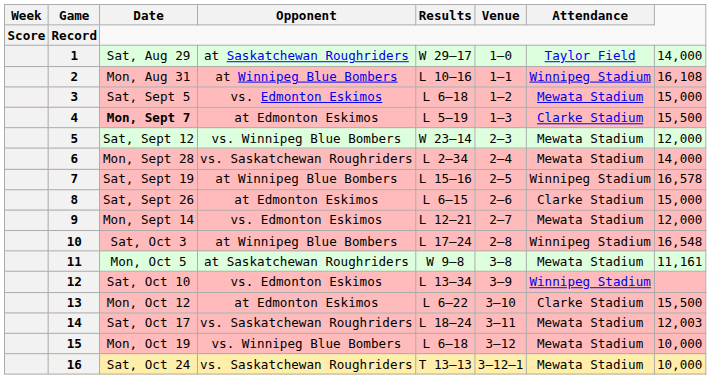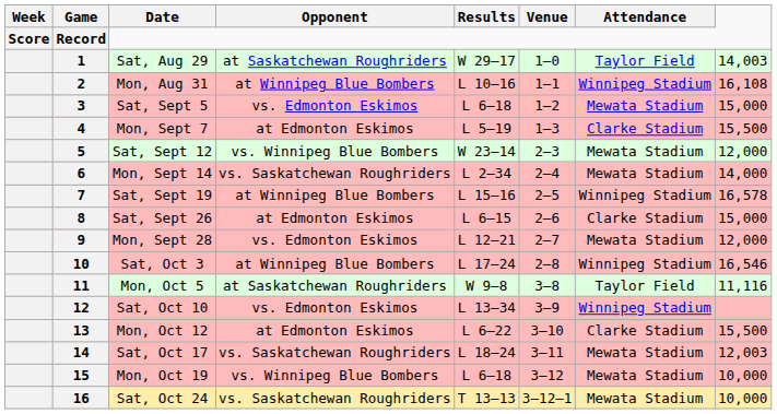 <table class="wikitable" style="text-align:center">
 <tr>
 <th>Week</th>
 <th>Game</th>
 <th>Date</th>
 <th>Opponent</th>
 <th>Results</th>
 <th>Venue</th>
 <th>Attendance</th>
 </tr>
 <tr>
 <th>Score</th>
 <th>Record</th>
 </tr>
 <tr style="background:#ddffdd">
 <th></th>
 <th>1</th>
 <td>Sat, Aug 29</td>
 <td>at <a href='#'>Saskatchewan Roughriders</a></td>
 <td>W 29–17</td>
 <td>1–0</td>
 <td><a href='#'>Taylor Field</a></td>
-<td>14,000</td>
+<td>14,003</td>
 </tr>
 <tr style="background:#ffbbbb">
 <th></th>
 <th>2</th>
 <td>Mon, Aug 31</td>
 <td>at <a href='#'>Winnipeg Blue Bombers</a></td>
 <td>L 10–16</td>
 <td>1–1</td>
 <td><a href='#'>Winnipeg Stadium</a></td>
 <td>16,108</td>
 </tr>
 <tr style="background:#ffbbbb">
 <th></th>
 <th>3</th>
 <td>Sat, Sept 5</td>
 <td>vs. <a href='#'>Edmonton Eskimos</a></td>
 <td>L 6–18</td>
 <td>1–2</td>
 <td><a href='#'>Mewata Stadium</a></td>
 <td>15,000</td>
 </tr>
 <tr style="background:#ffbbbb">
 <th></th>
 <th>4</th>
-<td><strong>Mon, Sept 7</strong></td>
+<td>Mon, Sept 7</td>
 <td>at Edmonton Eskimos</td>
 <td>L 5–19</td>
 <td>1–3</td>
 <td><a href='#'>Clarke Stadium</a></td>
 <td>15,500</td>
 </tr>
 <tr style="background:#ddffdd">
 <th></th>
 <th>5</th>
 <td>Sat, Sept 12</td>
 <td>vs. Winnipeg Blue Bombers</td>
 <td>W 23–14</td>
 <td>2–3</td>
 <td>Mewata Stadium</td>
 <td>12,000</td>
 </tr>
 <tr style="background:#ffbbbb">
 <th></th>
 <th>6</th>
-<td>Mon, Sept 28</td>
+<td>Mon, Sept 14</td>
 <td>vs. Saskatchewan Roughriders</td>
 <td>L 2–34</td>
 <td>2–4</td>
 <td>Mewata Stadium</td>
 <td>14,000</td>
 </tr>
 <tr style="background:#ffbbbb">
 <th></th>
 <th>7</th>
 <td>Sat, Sept 19</td>
 <td>at Winnipeg Blue Bombers</td>
 <td>L 15–16</td>
 <td>2–5</td>
 <td>Winnipeg Stadium</td>
 <td>16,578</td>
 </tr>
 <tr style="background:#ffbbbb">
 <th></th>
 <th>8</th>
 <td>Sat, Sept 26</td>
 <td>at Edmonton Eskimos</td>
 <td>L 6–15</td>
 <td>2–6</td>
 <td>Clarke Stadium</td>
 <td>15,000</td>
 </tr>
 <tr style="background:#ffbbbb">
 <th></th>
 <th>9</th>
-<td>Mon, Sept 14</td>
+<td>Mon, Sept 28</td>
 <td>vs. Edmonton Eskimos</td>
 <td>L 12–21</td>
 <td>2–7</td>
 <td>Mewata Stadium</td>
 <td>12,000</td>
 </tr>
 <tr style="background:#ffbbbb">
 <th></th>
 <th>10</th>
 <td>Sat, Oct 3</td>
 <td>at Winnipeg Blue Bombers</td>
 <td>L 17–24</td>
 <td>2–8</td>
 <td>Winnipeg Stadium</td>
-<td>16,548</td>
+<td>16,546</td>
 </tr>
 <tr style="background:#ddffdd">
 <th></th>
 <th>11</th>
 <td>Mon, Oct 5</td>
 <td>at Saskatchewan Roughriders</td>
 <td>W 9–8</td>
 <td>3–8</td>
-<td>Mewata Stadium</td>
-<td>11,161</td>
+<td>Taylor Field</td>
+<td>11,116</td>
 </tr>
 <tr style="background:#ffbbbb">
 <th></th>
 <th>12</th>
 <td>Sat, Oct 10</td>
 <td>vs. Edmonton Eskimos</td>
 <td>L 13–34</td>
 <td>3–9</td>
 <td><a href='#'>Winnipeg Stadium</a></td>
 <td></td>
 </tr>
 <tr style="background:#ffbbbb">
 <th></th>
 <th>13</th>
 <td>Mon, Oct 12</td>
 <td>at Edmonton Eskimos</td>
 <td>L 6–22</td>
 <td>3–10</td>
 <td>Clarke Stadium</td>
 <td>15,500</td>
 </tr>
 <tr style="background:#ffbbbb">
 <th></th>
 <th>14</th>
 <td>Sat, Oct 17</td>
 <td>vs. Saskatchewan Roughriders</td>
 <td>L 18–24</td>
 <td>3–11</td>
 <td>Mewata Stadium</td>
 <td>12,003</td>
 </tr>
 <tr style="background:#ffbbbb">
 <th></th>
 <th>15</th>
 <td>Mon, Oct 19</td>
 <td>vs. Winnipeg Blue Bombers</td>
 <td>L 6–18</td>
 <td>3–12</td>
 <td>Mewata Stadium</td>
 <td>10,000</td>
 </tr>
 <tr style="background:#ffeeaa">
 <th></th>
 <th>16</th>
 <td>Sat, Oct 24</td>
 <td>vs. Saskatchewan Roughriders</td>
 <td>T 13–13</td>
 <td>3–12–1</td>
 <td>Mewata Stadium</td>
 <td>10,000</td>
 </tr>
 </table>
